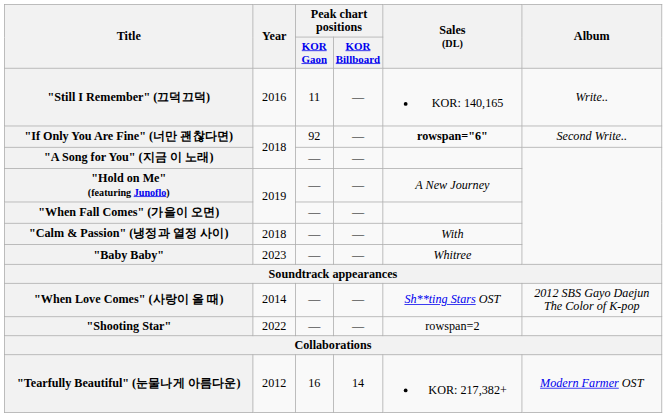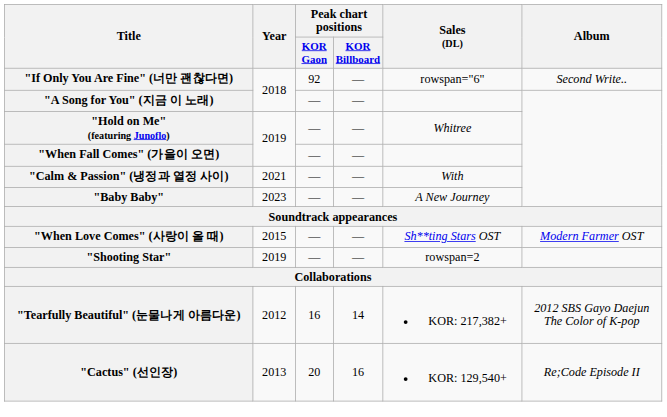 <table class="wikitable plainrowheaders" style="text-align:center;">
 <tr>
 <th scope="col" rowspan="2" style="width:20em;">Title</th>
 <th scope="col" rowspan="2" style="width:3em;">Year</th>
 <th scope="col" colspan="2">Peak chart positions</th>
 <th scope="col" rowspan="2" style="width:11em;">Sales<br><small>(DL)</small></th>
 <th scope="col" rowspan="2" style="width:11em;">Album</th>
 </tr>
 <tr>
 <th scope="col" style="width:3em;font-size:90%;"><a href='#'>KOR Gaon</a><br></th>
 <th scope="col" style="width:3em;font-size:90%;"><a href='#'>KOR Billboard</a></th>
 </tr>
 <tr>
-<th scope="row">"Still I Remember" (끄덕끄덕)</th>
-<td>2016</td>
-<td>11</td>
-<td>—</td>
-<td><br><ul><li>KOR: 140,165</li></ul></td>
-<td><em>Write..</em></td>
-</tr>
-<tr>
 <th scope=row>"If Only You Are Fine" (너만 괜찮다면)</th>
 <td rowspan="2">2018</td>
 <td>92</td>
 <td>—</td>
-<td><strong>rowspan="6" </strong></td>
+<td>rowspan="6" </td>
 <td><em>Second Write..</em></td>
 </tr>
 <tr>
 <th scope=row>"A Song for You" (지금 이 노래)</th>
 <td>—</td>
 <td>—</td>
 <td></td>
 </tr>
 <tr>
 <th scope=row>"Hold on Me"<br><small>(featuring <a href='#'>Junoflo</a>)</small></th>
 <td rowspan="2">2019</td>
 <td>—</td>
 <td>—</td>
-<td><em>A New Journey</em></td>
+<td><em>Whitree</em></td>
 </tr>
 <tr>
 <th scope=row>"When Fall Comes" (가을이 오면)</th>
 <td>—</td>
 <td>—</td>
 <td></td>
 </tr>
 <tr>
 <th scope=row>"Calm & Passion" (냉정과 열정 사이)</th>
-<td>2018</td>
+<td>2021</td>
 <td>—</td>
 <td>—</td>
 <td><em>With</em></td>
 </tr>
 <tr>
 <th scope=row>"Baby Baby"</th>
 <td>2023</td>
 <td>—</td>
 <td>—</td>
-<td><em>Whitree</em></td>
+<td><em>A New Journey</em></td>
 </tr>
 <tr>
 <th colspan="6">Soundtrack appearances</th>
 </tr>
 <tr>
 <th scope=row>"When Love Comes" (사랑이 올 때)</th>
-<td>2014</td>
+<td>2015</td>
 <td>—</td>
 <td>—</td>
 <td><em><a href='#'>Sh**ting Stars</a> OST</em></td>
-<td><em>2012 SBS Gayo Daejun The Color of K-pop</em></td>
+<td><em><a href='#'>Modern Farmer</a> OST</em></td>
 </tr>
 <tr>
 <th scope=row>"Shooting Star"</th>
-<td>2022</td>
+<td>2019</td>
 <td>—</td>
 <td>—</td>
 <td>rowspan=2 </td>
 </tr>
 <tr>
 <th colspan="6">Collaborations</th>
 </tr>
 <tr>
 <th scope=row>"Tearfully Beautiful" (눈물나게 아름다운) <br></th>
 <td>2012</td>
 <td>16</td>
 <td>14</td>
 <td><br><ul><li>KOR: 217,382+</li></ul></td>
-<td><em><a href='#'>Modern Farmer</a> OST</em></td>
+<td><em>2012 SBS Gayo Daejun The Color of K-pop</em></td>
+</tr>
+<tr>
+<th scope=row>"Cactus" (선인장)<br></th>
+<td>2013</td>
+<td>20</td>
+<td>16</td>
+<td><br><ul><li>KOR: 129,540+</li></ul></td>
+<td><em>Re;Code Episode II</em></td>
 </tr>
 </table>
